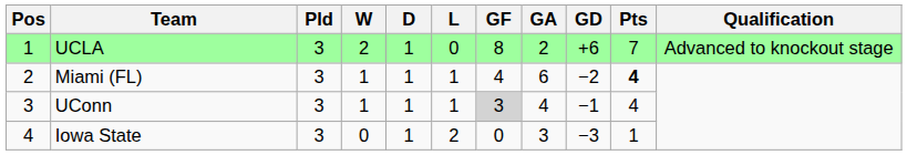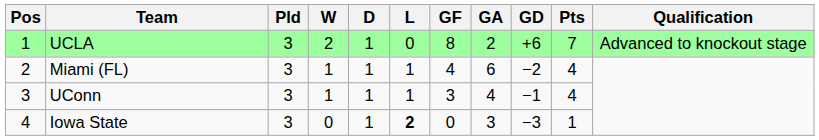 <table class="wikitable" style="text-align:center; margin: 1em auto">
 <tr>
 <th style="width:2em">Pos</th>
 <th style="width:13em">Team</th>
 <th style="width:2em">Pld</th>
 <th style="width:2em">W</th>
 <th style="width:2em">D</th>
 <th style="width:2em">L</th>
 <th style="width:2em">GF</th>
 <th style="width:2em">GA</th>
 <th style="width:2em">GD</th>
 <th style="width:2em">Pts</th>
 <th style="width:13em">Qualification</th>
 </tr>
 <tr bgcolor="#9eff9e">
 <td>1</td>
 <td style="text-align:left">UCLA</td>
 <td>3</td>
 <td>2</td>
 <td>1</td>
 <td>0</td>
 <td>8</td>
 <td>2</td>
 <td>+6</td>
 <td>7</td>
 <td>Advanced to knockout stage</td>
 </tr>
 <tr>
 <td>2</td>
 <td style="text-align:left">Miami (FL)</td>
 <td>3</td>
 <td>1</td>
 <td>1</td>
 <td>1</td>
 <td>4</td>
 <td>6</td>
 <td>−2</td>
-<td><strong>4</strong></td>
+<td>4</td>
 </tr>
 <tr>
 <td>3</td>
 <td style="text-align:left">UConn</td>
 <td>3</td>
 <td>1</td>
 <td>1</td>
 <td>1</td>
-<td style="background: lightgrey;">3</td>
+<td>3</td>
 <td>4</td>
 <td>−1</td>
 <td>4</td>
 </tr>
 <tr>
 <td>4</td>
 <td style="text-align:left">Iowa State</td>
 <td>3</td>
 <td>0</td>
 <td>1</td>
-<td>2</td>
+<td><strong>2</strong></td>
 <td>0</td>
 <td>3</td>
 <td>−3</td>
 <td>1</td>
 </tr>
 </table>
